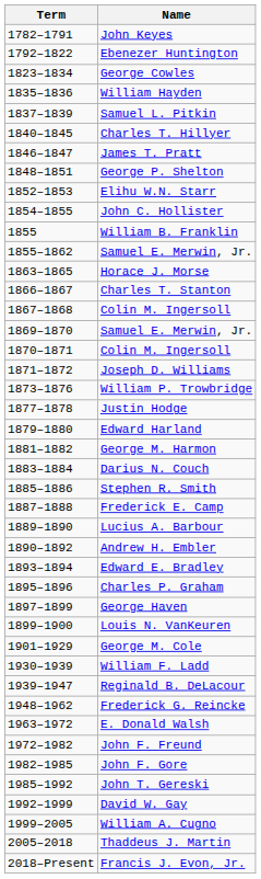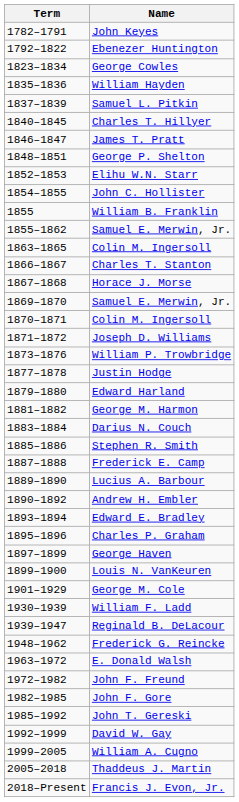 <table class="wikitable">
 <tr>
 <th>Term</th>
 <th>Name</th>
 </tr>
 <tr>
 <td>1782–1791</td>
 <td><a href='#'>John Keyes</a></td>
 </tr>
 <tr>
 <td>1792–1822</td>
 <td><a href='#'>Ebenezer Huntington</a></td>
 </tr>
 <tr>
 <td>1823–1834</td>
 <td><a href='#'>George Cowles</a></td>
 </tr>
 <tr>
 <td>1835–1836</td>
 <td><a href='#'>William Hayden</a></td>
 </tr>
 <tr>
 <td>1837–1839</td>
 <td><a href='#'>Samuel L. Pitkin</a></td>
 </tr>
 <tr>
 <td>1840–1845</td>
 <td><a href='#'>Charles T. Hillyer</a></td>
 </tr>
 <tr>
 <td>1846–1847</td>
 <td><a href='#'>James T. Pratt</a></td>
 </tr>
 <tr>
 <td>1848–1851</td>
 <td><a href='#'>George P. Shelton</a></td>
 </tr>
 <tr>
 <td>1852–1853</td>
 <td><a href='#'>Elihu W.N. Starr</a></td>
 </tr>
 <tr>
 <td>1854–1855</td>
 <td><a href='#'>John C. Hollister</a></td>
 </tr>
 <tr>
 <td>1855</td>
 <td><a href='#'>William B. Franklin</a></td>
 </tr>
 <tr>
 <td>1855–1862</td>
 <td><a href='#'>Samuel E. Merwin</a>, Jr.</td>
 </tr>
 <tr>
 <td>1863–1865</td>
-<td><a href='#'>Horace J. Morse</a></td>
+<td><a href='#'>Colin M. Ingersoll</a></td>
 </tr>
 <tr>
 <td>1866–1867</td>
 <td><a href='#'>Charles T. Stanton</a></td>
 </tr>
 <tr>
 <td>1867–1868</td>
-<td><a href='#'>Colin M. Ingersoll</a></td>
+<td><a href='#'>Horace J. Morse</a></td>
 </tr>
 <tr>
 <td>1869–1870</td>
 <td><a href='#'>Samuel E. Merwin</a>, Jr.</td>
 </tr>
 <tr>
 <td>1870–1871</td>
 <td><a href='#'>Colin M. Ingersoll</a></td>
 </tr>
 <tr>
 <td>1871–1872</td>
 <td><a href='#'>Joseph D. Williams</a></td>
 </tr>
 <tr>
 <td>1873–1876</td>
 <td><a href='#'>William P. Trowbridge</a></td>
 </tr>
 <tr>
 <td>1877–1878</td>
 <td><a href='#'>Justin Hodge</a></td>
 </tr>
 <tr>
 <td>1879–1880</td>
 <td><a href='#'>Edward Harland</a></td>
 </tr>
 <tr>
 <td>1881–1882</td>
 <td><a href='#'>George M. Harmon</a></td>
 </tr>
 <tr>
 <td>1883–1884</td>
 <td><a href='#'>Darius N. Couch</a></td>
 </tr>
 <tr>
 <td>1885–1886</td>
 <td><a href='#'>Stephen R. Smith</a></td>
 </tr>
 <tr>
 <td>1887–1888</td>
 <td><a href='#'>Frederick E. Camp</a></td>
 </tr>
 <tr>
 <td>1889–1890</td>
 <td><a href='#'>Lucius A. Barbour</a></td>
 </tr>
 <tr>
 <td>1890–1892</td>
 <td><a href='#'>Andrew H. Embler</a></td>
 </tr>
 <tr>
 <td>1893–1894</td>
 <td><a href='#'>Edward E. Bradley</a></td>
 </tr>
 <tr>
 <td>1895–1896</td>
 <td><a href='#'>Charles P. Graham</a></td>
 </tr>
 <tr>
 <td>1897–1899</td>
 <td><a href='#'>George Haven</a></td>
 </tr>
 <tr>
 <td>1899–1900</td>
 <td><a href='#'>Louis N. VanKeuren</a></td>
 </tr>
 <tr>
 <td>1901–1929</td>
 <td><a href='#'>George M. Cole</a></td>
 </tr>
 <tr>
 <td>1930–1939</td>
 <td><a href='#'>William F. Ladd</a></td>
 </tr>
 <tr>
 <td>1939–1947</td>
 <td><a href='#'>Reginald B. DeLacour</a></td>
 </tr>
 <tr>
 <td>1948–1962</td>
 <td><a href='#'>Frederick G. Reincke</a></td>
 </tr>
 <tr>
 <td>1963–1972</td>
 <td><a href='#'>E. Donald Walsh</a></td>
 </tr>
 <tr>
 <td>1972–1982</td>
 <td><a href='#'>John F. Freund</a></td>
 </tr>
 <tr>
 <td>1982–1985</td>
 <td><a href='#'>John F. Gore</a></td>
 </tr>
 <tr>
 <td>1985–1992</td>
 <td><a href='#'>John T. Gereski</a></td>
 </tr>
 <tr>
 <td>1992–1999</td>
 <td><a href='#'>David W. Gay</a></td>
 </tr>
 <tr>
 <td>1999–2005</td>
 <td><a href='#'>William A. Cugno</a></td>
 </tr>
 <tr>
 <td>2005–2018</td>
 <td><a href='#'>Thaddeus J. Martin</a></td>
 </tr>
 <tr>
 <td>2018–Present</td>
 <td><a href='#'>Francis J. Evon, Jr.</a></td>
 </tr>
 </table>
